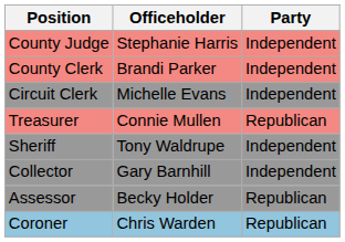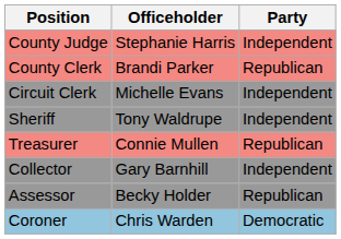 <table class="wikitable mw-collapsible">
 <tr>
 <th>Position</th>
 <th>Officeholder</th>
 <th>Party</th>
 </tr>
 <tr style="background-color:#F48882;">
 <td>County Judge</td>
 <td>Stephanie Harris</td>
 <td>Independent</td>
 </tr>
 <tr style="background-color:#F48882;">
 <td>County Clerk</td>
 <td>Brandi Parker</td>
-<td>Independent</td>
+<td>Republican</td>
 </tr>
 <tr style="background-color:#999999;">
 <td>Circuit Clerk</td>
 <td>Michelle Evans</td>
 <td>Independent</td>
 </tr>
+<tr style="background-color:#999999;">
+<td>Sheriff</td>
+<td>Tony Waldrupe</td>
+<td>Independent</td>
+</tr>
 <tr style="background-color:#F48882;">
 <td>Treasurer</td>
 <td>Connie Mullen</td>
 <td>Republican</td>
-</tr>
-<tr style="background-color:#999999;">
-<td>Sheriff</td>
-<td>Tony Waldrupe</td>
-<td>Independent</td>
 </tr>
 <tr style="background-color:#999999;">
 <td>Collector</td>
 <td>Gary Barnhill</td>
 <td>Independent</td>
 </tr>
 <tr style="background-color:#999999;">
 <td>Assessor</td>
 <td>Becky Holder</td>
 <td>Republican</td>
 </tr>
 <tr style="background-color:#92C5DE;">
 <td>Coroner</td>
 <td>Chris Warden</td>
-<td>Republican</td>
+<td>Democratic</td>
 </tr>
 </table>
